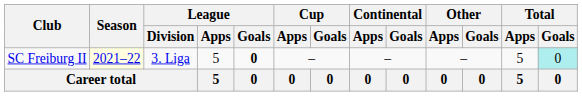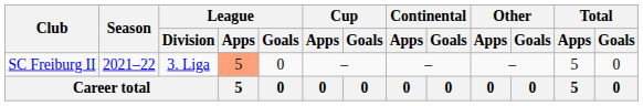 <table class="wikitable" style="text-align:center">
 <tr>
 <th rowspan="2">Club</th>
 <th rowspan="2">Season</th>
 <th colspan="3">League</th>
 <th colspan="2">Cup</th>
 <th colspan="2">Continental</th>
 <th colspan="2">Other</th>
 <th colspan="2">Total</th>
 </tr>
 <tr>
 <th>Division</th>
 <th>Apps</th>
 <th>Goals</th>
 <th>Apps</th>
 <th>Goals</th>
 <th>Apps</th>
 <th>Goals</th>
 <th>Apps</th>
 <th>Goals</th>
 <th>Apps</th>
 <th>Goals</th>
 </tr>
 <tr>
 <td><a href='#'>SC Freiburg II</a></td>
-<td style="background: lightyellow;"><a href='#'>2021–22</a></td>
+<td><a href='#'>2021–22</a></td>
 <td><a href='#'>3. Liga</a></td>
-<td>5</td>
-<td><strong>0</strong></td>
+<td style="background: lightsalmon;">5</td>
+<td>0</td>
 <td colspan="2">–</td>
 <td colspan="2">–</td>
 <td colspan="2">–</td>
 <td>5</td>
-<td style="background: paleturquoise;">0</td>
+<td>0</td>
 </tr>
 <tr>
 <th colspan="3">Career total</th>
 <th>5</th>
 <th>0</th>
 <th>0</th>
 <th>0</th>
 <th>0</th>
 <th>0</th>
 <th>0</th>
 <th>0</th>
 <th>5</th>
 <th>0</th>
 </tr>
 </table>
